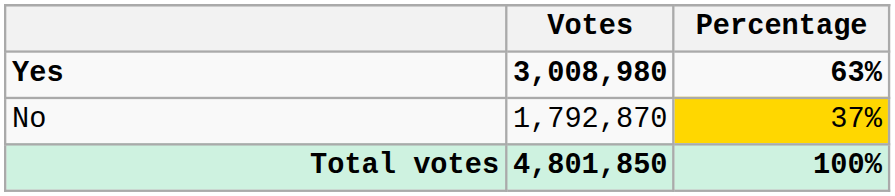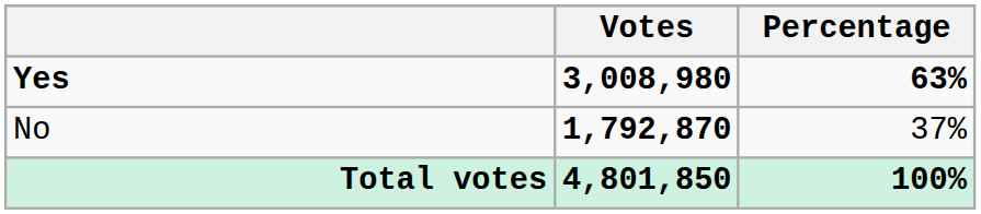 <table class="wikitable" style="font-size: 95%;">
 <tr style="background-color:#faecc8">
 </tr>
 <tr>
 <th colspan="2" style="width: 17em"></th>
 <th style="width: 5em">Votes</th>
 <th style="width: 7em">Percentage</th>
 </tr>
 <tr>
 <td colspan="2"> <strong>Yes</strong></td>
 <td align="right"><strong>3,008,980</strong></td>
 <td align="right"><strong>63%</strong></td>
 </tr>
 <tr>
 <td colspan="2">No</td>
-<td align="right">1,792,870</td>
-<td align="right" style="background: gold;">37%</td>
+<td align="right"><strong>1,792,870</strong></td>
+<td align="right">37%</td>
 </tr>
 <tr bgcolor="#cef2e0">
 <td colspan="2" style="text-align: right; margin-right: 0.5em"><strong>Total votes</strong></td>
 <td align="right"><strong>4,801,850</strong></td>
 <td align="right"><strong>100%</strong></td>
 </tr>
 </table>
